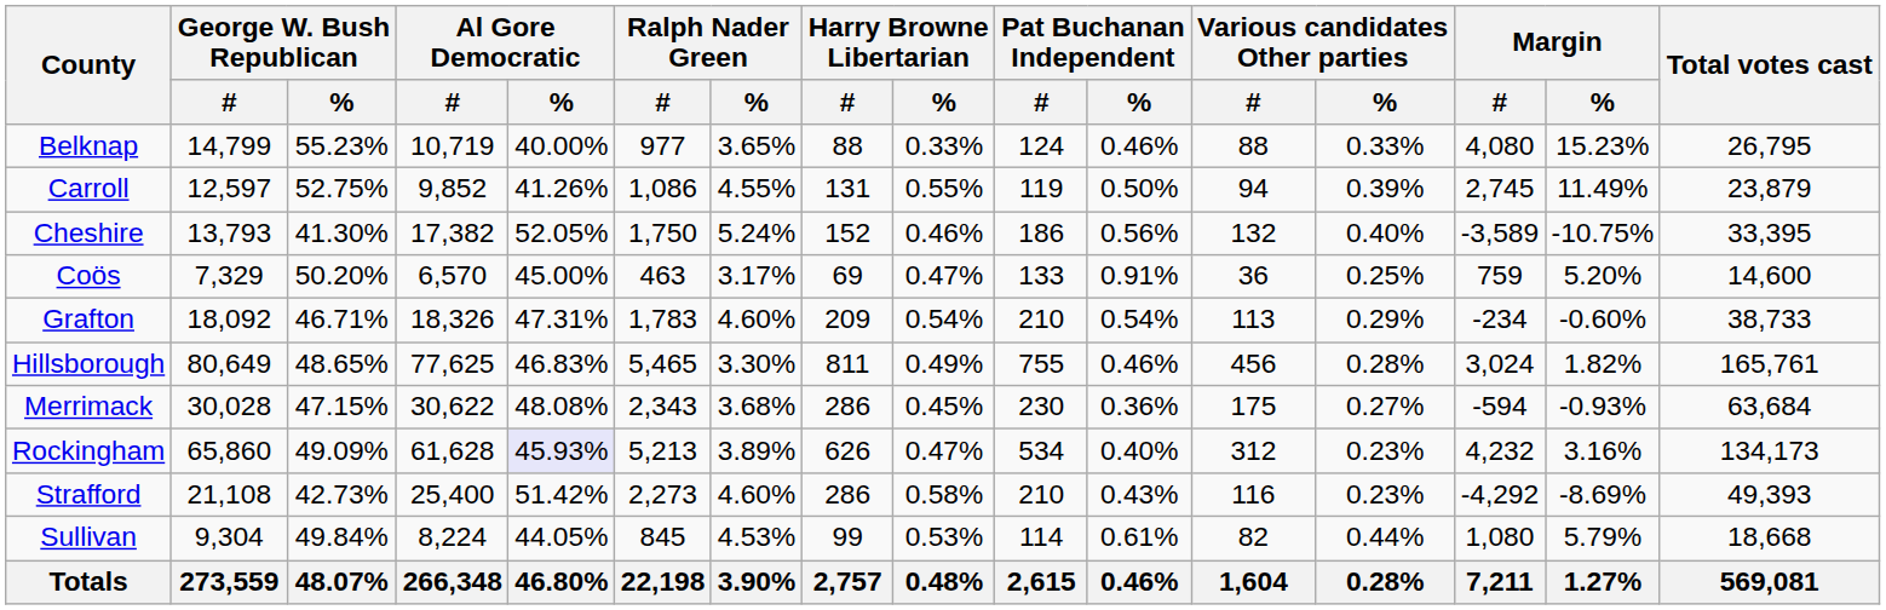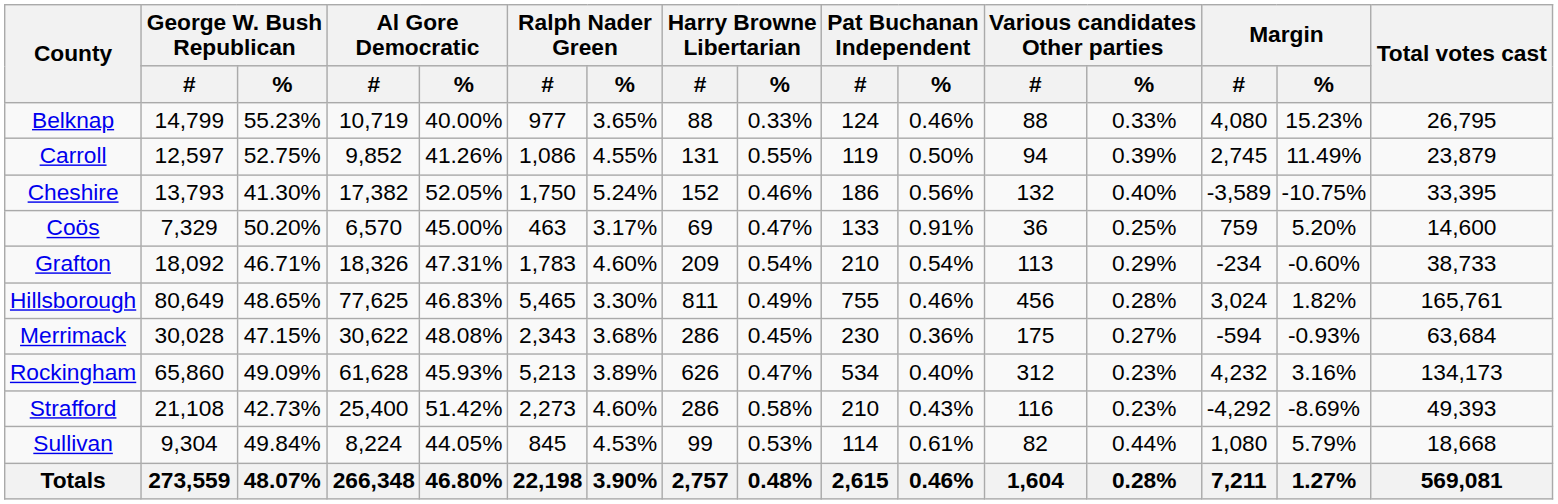 <table class="wikitable sortable">
 <tr>
 <th rowspan="2">County</th>
 <th colspan="2">George W. Bush<br>Republican</th>
 <th colspan="2">Al Gore<br>Democratic</th>
 <th colspan="2">Ralph Nader<br>Green</th>
 <th colspan="2">Harry Browne<br>Libertarian</th>
 <th colspan="2">Pat Buchanan<br>Independent</th>
 <th colspan="2">Various candidates<br>Other parties</th>
 <th colspan="2">Margin</th>
 <th rowspan="2">Total votes cast</th>
 </tr>
 <tr bgcolor="lightgrey">
 <th data-sort-type="number">#</th>
 <th data-sort-type="number">%</th>
 <th data-sort-type="number">#</th>
 <th data-sort-type="number">%</th>
 <th data-sort-type="number">#</th>
 <th data-sort-type="number">%</th>
 <th data-sort-type="number">#</th>
 <th data-sort-type="number">%</th>
 <th data-sort-type="number">#</th>
 <th data-sort-type="number">%</th>
 <th data-sort-type="number">#</th>
 <th data-sort-type="number">%</th>
 <th data-sort-type="number">#</th>
 <th data-sort-type="number">%</th>
 </tr>
 <tr style="text-align:center;">
 <td><a href='#'>Belknap</a></td>
 <td>14,799</td>
 <td>55.23%</td>
 <td>10,719</td>
 <td>40.00%</td>
 <td>977</td>
 <td>3.65%</td>
 <td>88</td>
 <td>0.33%</td>
 <td>124</td>
 <td>0.46%</td>
 <td>88</td>
 <td>0.33%</td>
 <td>4,080</td>
 <td>15.23%</td>
 <td>26,795</td>
 </tr>
 <tr style="text-align:center;">
 <td><a href='#'>Carroll</a></td>
 <td>12,597</td>
 <td>52.75%</td>
 <td>9,852</td>
 <td>41.26%</td>
 <td>1,086</td>
 <td>4.55%</td>
 <td>131</td>
 <td>0.55%</td>
 <td>119</td>
 <td>0.50%</td>
 <td>94</td>
 <td>0.39%</td>
 <td>2,745</td>
 <td>11.49%</td>
 <td>23,879</td>
 </tr>
 <tr style="text-align:center;">
 <td><a href='#'>Cheshire</a></td>
 <td>13,793</td>
 <td>41.30%</td>
 <td>17,382</td>
 <td>52.05%</td>
 <td>1,750</td>
 <td>5.24%</td>
 <td>152</td>
 <td>0.46%</td>
 <td>186</td>
 <td>0.56%</td>
 <td>132</td>
 <td>0.40%</td>
 <td>-3,589</td>
 <td>-10.75%</td>
 <td>33,395</td>
 </tr>
 <tr style="text-align:center;">
 <td><a href='#'>Coös</a></td>
 <td>7,329</td>
 <td>50.20%</td>
 <td>6,570</td>
 <td>45.00%</td>
 <td>463</td>
 <td>3.17%</td>
 <td>69</td>
 <td>0.47%</td>
 <td>133</td>
 <td>0.91%</td>
 <td>36</td>
 <td>0.25%</td>
 <td>759</td>
 <td>5.20%</td>
 <td>14,600</td>
 </tr>
 <tr style="text-align:center;">
 <td><a href='#'>Grafton</a></td>
 <td>18,092</td>
 <td>46.71%</td>
 <td>18,326</td>
 <td>47.31%</td>
 <td>1,783</td>
 <td>4.60%</td>
 <td>209</td>
 <td>0.54%</td>
 <td>210</td>
 <td>0.54%</td>
 <td>113</td>
 <td>0.29%</td>
 <td>-234</td>
 <td>-0.60%</td>
 <td>38,733</td>
 </tr>
 <tr style="text-align:center;">
 <td><a href='#'>Hillsborough</a></td>
 <td>80,649</td>
 <td>48.65%</td>
 <td>77,625</td>
 <td>46.83%</td>
 <td>5,465</td>
 <td>3.30%</td>
 <td>811</td>
 <td>0.49%</td>
 <td>755</td>
 <td>0.46%</td>
 <td>456</td>
 <td>0.28%</td>
 <td>3,024</td>
 <td>1.82%</td>
 <td>165,761</td>
 </tr>
 <tr style="text-align:center;">
 <td><a href='#'>Merrimack</a></td>
 <td>30,028</td>
 <td>47.15%</td>
 <td>30,622</td>
 <td>48.08%</td>
 <td>2,343</td>
 <td>3.68%</td>
 <td>286</td>
 <td>0.45%</td>
 <td>230</td>
 <td>0.36%</td>
 <td>175</td>
 <td>0.27%</td>
 <td>-594</td>
 <td>-0.93%</td>
 <td>63,684</td>
 </tr>
 <tr style="text-align:center;">
 <td><a href='#'>Rockingham</a></td>
 <td>65,860</td>
 <td>49.09%</td>
 <td>61,628</td>
-<td style="background: lavender;">45.93%</td>
+<td>45.93%</td>
 <td>5,213</td>
 <td>3.89%</td>
 <td>626</td>
 <td>0.47%</td>
 <td>534</td>
 <td>0.40%</td>
 <td>312</td>
 <td>0.23%</td>
 <td>4,232</td>
 <td>3.16%</td>
 <td>134,173</td>
 </tr>
 <tr style="text-align:center;">
 <td><a href='#'>Strafford</a></td>
 <td>21,108</td>
 <td>42.73%</td>
 <td>25,400</td>
 <td>51.42%</td>
 <td>2,273</td>
 <td>4.60%</td>
 <td>286</td>
 <td>0.58%</td>
 <td>210</td>
 <td>0.43%</td>
 <td>116</td>
 <td>0.23%</td>
 <td>-4,292</td>
 <td>-8.69%</td>
 <td>49,393</td>
 </tr>
 <tr style="text-align:center;">
 <td><a href='#'>Sullivan</a></td>
 <td>9,304</td>
 <td>49.84%</td>
 <td>8,224</td>
 <td>44.05%</td>
 <td>845</td>
 <td>4.53%</td>
 <td>99</td>
 <td>0.53%</td>
 <td>114</td>
 <td>0.61%</td>
 <td>82</td>
 <td>0.44%</td>
 <td>1,080</td>
 <td>5.79%</td>
 <td>18,668</td>
 </tr>
 <tr>
 <th>Totals</th>
 <th>273,559</th>
 <th>48.07%</th>
 <th>266,348</th>
 <th>46.80%</th>
 <th>22,198</th>
 <th>3.90%</th>
 <th>2,757</th>
 <th>0.48%</th>
 <th>2,615</th>
 <th>0.46%</th>
 <th>1,604</th>
 <th>0.28%</th>
 <th>7,211</th>
 <th>1.27%</th>
 <th>569,081</th>
 </tr>
 </table>
